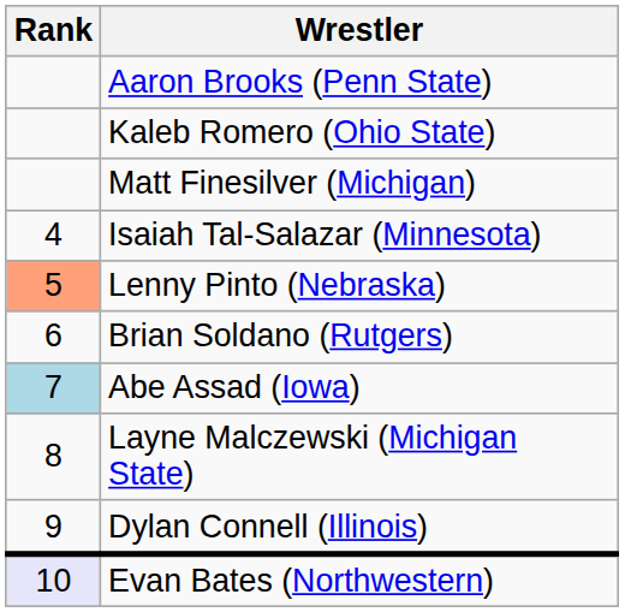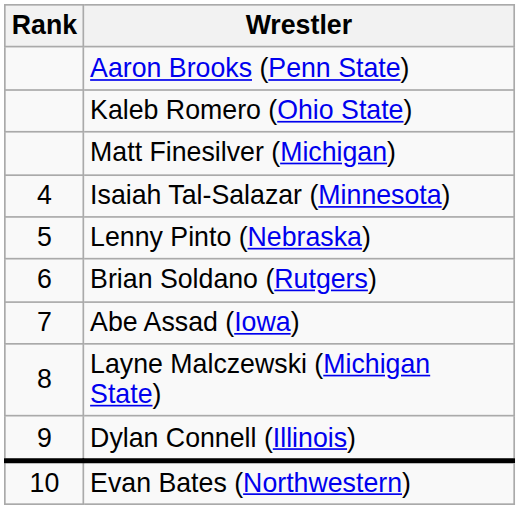 <table class="wikitable" style="text-align: center;">
 <tr>
 <th width="40">Rank</th>
 <th width="250">Wrestler</th>
 </tr>
 <tr>
 <td></td>
 <td align="left"><a href='#'>Aaron Brooks</a> (<a href='#'>Penn State</a>)</td>
 </tr>
 <tr>
 <td></td>
 <td align="left">Kaleb Romero (<a href='#'>Ohio State</a>)</td>
 </tr>
 <tr>
 <td></td>
 <td align="left">Matt Finesilver (<a href='#'>Michigan</a>)</td>
 </tr>
 <tr>
 <td>4</td>
 <td align="left">Isaiah Tal-Salazar (<a href='#'>Minnesota</a>)</td>
 </tr>
 <tr>
-<td style="background: lightsalmon;">5</td>
+<td>5</td>
 <td align="left">Lenny Pinto (<a href='#'>Nebraska</a>)</td>
 </tr>
 <tr>
 <td>6</td>
 <td align="left">Brian Soldano (<a href='#'>Rutgers</a>)</td>
 </tr>
 <tr>
-<td style="background: lightblue;">7</td>
+<td>7</td>
 <td align="left">Abe Assad (<a href='#'>Iowa</a>)</td>
 </tr>
 <tr>
 <td>8</td>
 <td align="left">Layne Malczewski (<a href='#'>Michigan State</a>)</td>
 </tr>
 <tr>
 <td>9</td>
 <td align="left">Dylan Connell (<a href='#'>Illinois</a>)</td>
 </tr>
 <tr style="border-top:3px solid black">
-<td style="background: lavender;">10</td>
+<td>10</td>
 <td align="left">Evan Bates (<a href='#'>Northwestern</a>)</td>
 </tr>
 </table>
